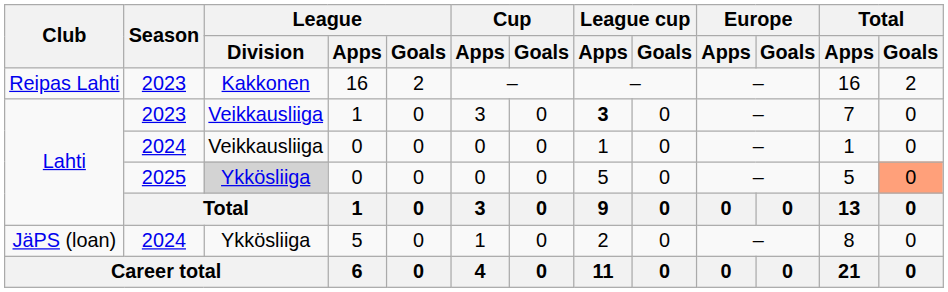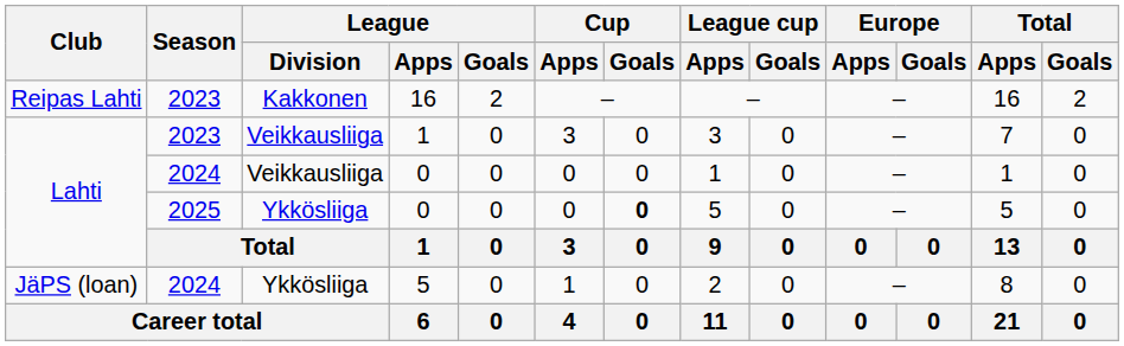 <table class="wikitable" style="text-align:center">
 <tr>
 <th rowspan="2">Club</th>
 <th rowspan="2">Season</th>
 <th colspan="3">League</th>
 <th colspan="2">Cup</th>
 <th colspan="2">League cup</th>
 <th colspan="2">Europe</th>
 <th colspan="2">Total</th>
 </tr>
 <tr>
 <th>Division</th>
 <th>Apps</th>
 <th>Goals</th>
 <th>Apps</th>
 <th>Goals</th>
 <th>Apps</th>
 <th>Goals</th>
 <th>Apps</th>
 <th>Goals</th>
 <th>Apps</th>
 <th>Goals</th>
 </tr>
 <tr>
 <td><a href='#'>Reipas Lahti</a></td>
 <td><a href='#'>2023</a></td>
 <td><a href='#'>Kakkonen</a></td>
 <td>16</td>
 <td>2</td>
 <td colspan=2>–</td>
 <td colspan=2>–</td>
 <td colspan=2>–</td>
 <td>16</td>
 <td>2</td>
 </tr>
 <tr>
 <td rowspan=4><a href='#'>Lahti</a></td>
 <td><a href='#'>2023</a></td>
 <td><a href='#'>Veikkausliiga</a></td>
 <td>1</td>
 <td>0</td>
 <td>3</td>
 <td>0</td>
-<td><strong>3</strong></td>
+<td>3</td>
 <td>0</td>
 <td colspan=2>–</td>
 <td>7</td>
 <td>0</td>
 </tr>
 <tr>
 <td><a href='#'>2024</a></td>
 <td>Veikkausliiga</td>
 <td>0</td>
 <td>0</td>
 <td>0</td>
 <td>0</td>
 <td>1</td>
 <td>0</td>
 <td colspan=2>–</td>
 <td>1</td>
 <td>0</td>
 </tr>
 <tr>
 <td><a href='#'>2025</a></td>
-<td style="background: lightgrey;"><a href='#'>Ykkösliiga</a></td>
+<td><a href='#'>Ykkösliiga</a></td>
 <td>0</td>
 <td>0</td>
 <td>0</td>
-<td>0</td>
+<td><strong>0</strong></td>
 <td>5</td>
 <td>0</td>
 <td colspan=2>–</td>
 <td>5</td>
-<td style="background: lightsalmon;">0</td>
+<td>0</td>
 </tr>
 <tr>
 <th colspan=2>Total</th>
 <th>1</th>
 <th>0</th>
 <th>3</th>
 <th>0</th>
 <th>9</th>
 <th>0</th>
 <th>0</th>
 <th>0</th>
 <th>13</th>
 <th>0</th>
 </tr>
 <tr>
 <td><a href='#'>JäPS</a> (loan)</td>
 <td><a href='#'>2024</a></td>
 <td>Ykkösliiga</td>
 <td>5</td>
 <td>0</td>
 <td>1</td>
 <td>0</td>
 <td>2</td>
 <td>0</td>
 <td colspan=2>–</td>
 <td>8</td>
 <td>0</td>
 </tr>
 <tr>
 <th colspan="3">Career total</th>
 <th>6</th>
 <th>0</th>
 <th>4</th>
 <th>0</th>
 <th>11</th>
 <th>0</th>
 <th>0</th>
 <th>0</th>
 <th>21</th>
 <th>0</th>
 </tr>
 </table>
